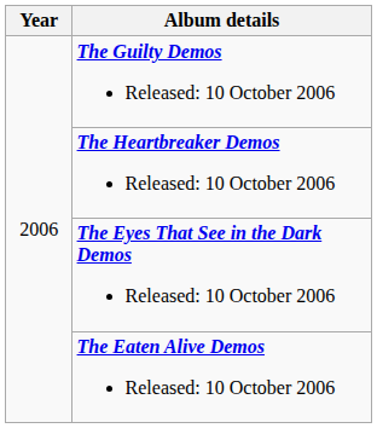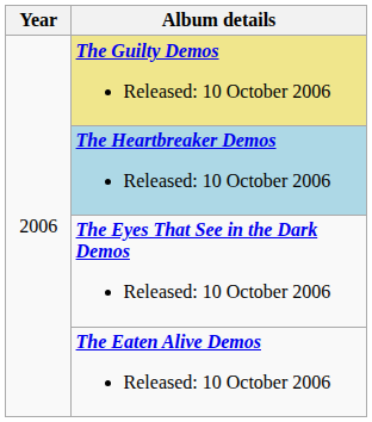 <table class="wikitable" style="text-align:center">
 <tr>
 <th style="width:3em">Year</th>
 <th style="width:15em">Album details</th>
 </tr>
 <tr>
 <td style="text-align:center;" rowspan="4">2006</td>
-<td align="left"><strong><em><a href='#'>The Guilty Demos</a></em></strong><br><ul><li>Released: 10 October 2006</li></ul></td>
+<td align="left" style="background: khaki;"><strong><em><a href='#'>The Guilty Demos</a></em></strong><br><ul><li>Released: 10 October 2006</li></ul></td>
 </tr>
 <tr>
-<td align="left"><strong><em><a href='#'>The Heartbreaker Demos</a></em></strong><br><ul><li>Released: 10 October 2006</li></ul></td>
+<td align="left" style="background: lightblue;"><strong><em><a href='#'>The Heartbreaker Demos</a></em></strong><br><ul><li>Released: 10 October 2006</li></ul></td>
 </tr>
 <tr>
 <td align="left"><strong><em><a href='#'>The Eyes That See in the Dark Demos</a></em></strong><br><ul><li>Released: 10 October 2006</li></ul></td>
 </tr>
 <tr>
 <td align="left"><strong><em><a href='#'>The Eaten Alive Demos</a></em></strong><br><ul><li>Released: 10 October 2006</li></ul></td>
 </tr>
 </table>
